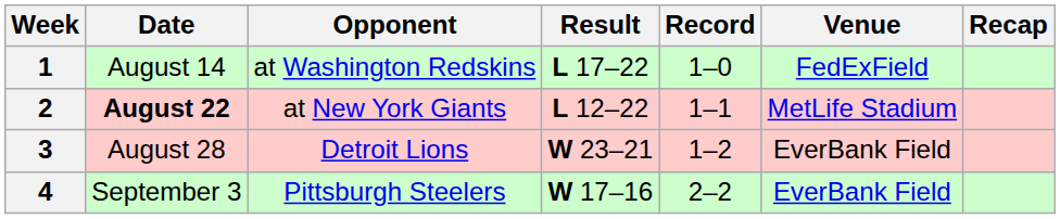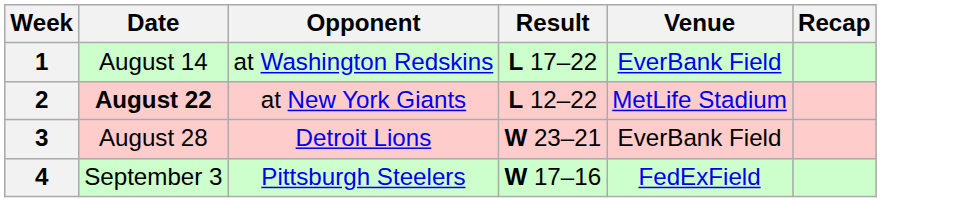 <table class="wikitable" style="text-align:center">
 <tr>
 <th>Week</th>
 <th>Date</th>
 <th>Opponent</th>
 <th>Result</th>
-<th>Record</th>
 <th>Venue</th>
 <th>Recap</th>
 </tr>
 <tr style="background:#cfc">
 <th>1</th>
 <td> August 14</td>
 <td>at <a href='#'>Washington Redskins</a></td>
 <td><strong>L</strong> 17–22</td>
-<td>1–0</td>
-<td><a href='#'>FedExField</a></td>
+<td><a href='#'>EverBank Field</a></td>
 <td></td>
 </tr>
 <tr style="background:#fcc">
 <th>2</th>
 <td><strong>August 22</strong></td>
 <td>at <a href='#'>New York Giants</a></td>
 <td><strong>L</strong> 12–22</td>
-<td>1–1</td>
 <td><a href='#'>MetLife Stadium</a></td>
 <td></td>
 </tr>
 <tr style="background:#fcc">
 <th>3</th>
 <td>August 28</td>
 <td><a href='#'>Detroit Lions</a></td>
 <td><strong>W</strong> 23–21</td>
-<td>1–2</td>
 <td>EverBank Field</td>
 <td></td>
 </tr>
 <tr style="background:#cfc">
 <th>4</th>
 <td>September 3</td>
 <td><a href='#'>Pittsburgh Steelers</a></td>
 <td><strong>W</strong> 17–16</td>
-<td>2–2</td>
-<td><a href='#'>EverBank Field</a></td>
+<td><a href='#'>FedExField</a></td>
 <td></td>
 </tr>
 </table>
